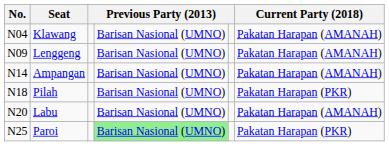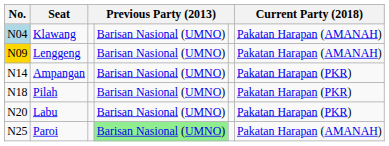 <table class="wikitable sortable" style="font-size:95%;">
 <tr>
 <th scope="col">No.</th>
 <th scope="col">Seat</th>
 <th colspan="3" scope="col">Previous Party (2013)</th>
 <th colspan="3" scope="col">Current Party (2018)</th>
 </tr>
 <tr>
-<td>N04</td>
+<td style="background: lightblue;">N04</td>
 <td> <a href='#'>Klawang</a></td>
 <td width="1"></td>
 <td><a href='#'>Barisan Nasional</a> (<a href='#'>UMNO</a>)</td>
 <td width="1"></td>
 <td><a href='#'>Pakatan Harapan</a> (<a href='#'>AMANAH</a>)</td>
 </tr>
 <tr>
-<td>N09</td>
+<td style="background: gold;">N09</td>
 <td> <a href='#'>Lenggeng</a></td>
 <td width="1"></td>
 <td><a href='#'>Barisan Nasional</a> (<a href='#'>UMNO</a>)</td>
 <td width="1"></td>
 <td><a href='#'>Pakatan Harapan</a> (<a href='#'>AMANAH</a>)</td>
 </tr>
 <tr>
 <td>N14</td>
 <td> <a href='#'>Ampangan</a></td>
 <td width="1"></td>
 <td><a href='#'>Barisan Nasional</a> (<a href='#'>UMNO</a>)</td>
 <td width="1"></td>
-<td><a href='#'>Pakatan Harapan</a> (<a href='#'>AMANAH</a>)</td>
+<td><a href='#'>Pakatan Harapan</a> (<a href='#'>PKR</a>)</td>
 </tr>
 <tr>
 <td>N18</td>
 <td> <a href='#'>Pilah</a></td>
 <td width="1"></td>
 <td><a href='#'>Barisan Nasional</a> (<a href='#'>UMNO</a>)</td>
 <td width="1"></td>
 <td><a href='#'>Pakatan Harapan</a> (<a href='#'>PKR</a>)</td>
 </tr>
 <tr>
 <td>N20</td>
 <td> <a href='#'>Labu</a></td>
 <td width="1"></td>
 <td><a href='#'>Barisan Nasional</a> (<a href='#'>UMNO</a>)</td>
 <td width="1"></td>
-<td><a href='#'>Pakatan Harapan</a> (<a href='#'>AMANAH</a>)</td>
+<td><a href='#'>Pakatan Harapan</a> (<a href='#'>PKR</a>)</td>
 </tr>
 <tr>
 <td>N25</td>
 <td> <a href='#'>Paroi</a></td>
 <td width="1"></td>
 <td style="background: lightgreen;"><a href='#'>Barisan Nasional</a> (<a href='#'>UMNO</a>)</td>
 <td width="1"></td>
-<td><a href='#'>Pakatan Harapan</a> (<a href='#'>PKR</a>)</td>
+<td><a href='#'>Pakatan Harapan</a> (<a href='#'>AMANAH</a>)</td>
 </tr>
 </table>
